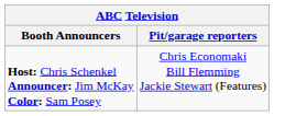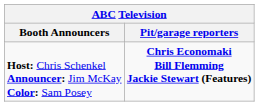 <table class="wikitable" style="font-size: 95%;">
 <tr>
 <th colspan=2><a href='#'>ABC</a> <a href='#'>Television</a></th>
 </tr>
 <tr>
 <th>Booth Announcers</th>
 <th><a href='#'>Pit/garage reporters</a></th>
 </tr>
 <tr>
 <td valign="top"><br><strong>Host:</strong> <a href='#'>Chris Schenkel</a><br> <strong><a href='#'>Announcer</a>:</strong> <a href='#'>Jim McKay</a><br> <strong><a href='#'>Color</a>:</strong> <a href='#'>Sam Posey</a><br></td>
-<td align="center" valign="top"><a href='#'>Chris Economaki</a><br><a href='#'>Bill Flemming</a><br><a href='#'>Jackie Stewart</a> (Features)</td>
+<td align="center" valign="top"><strong><a href='#'>Chris Economaki</a><br><a href='#'>Bill Flemming</a><br><a href='#'>Jackie Stewart</a> (Features)</strong></td>
 </tr>
 </table>
